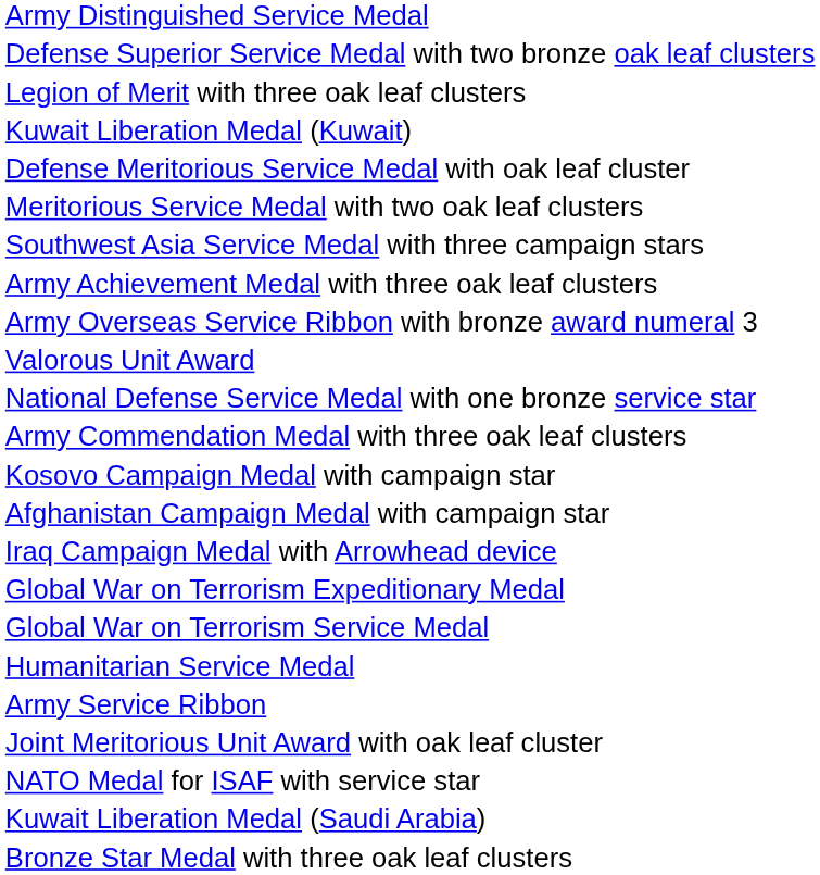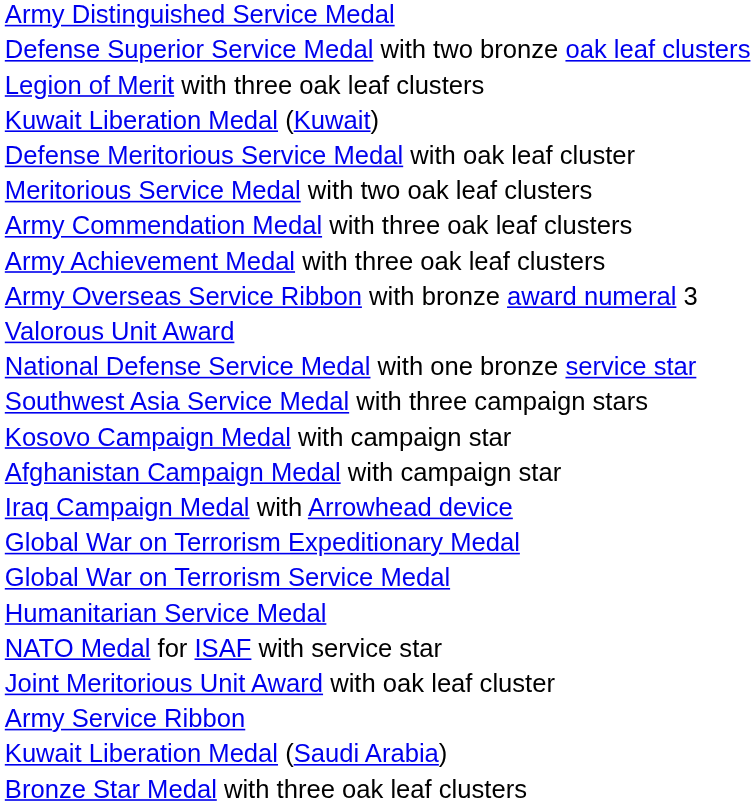 <table>
 <tr>
 <td> <a href='#'>Army Distinguished Service Medal</a></td>
 </tr>
 <tr>
 <td><span></span><span></span> <a href='#'>Defense Superior Service Medal</a> with two bronze <a href='#'>oak leaf clusters</a></td>
 </tr>
 <tr>
 <td><span></span><span></span><span></span> <a href='#'>Legion of Merit</a> with three oak leaf clusters</td>
 </tr>
 <tr>
 <td> <a href='#'>Kuwait Liberation Medal</a> (<a href='#'>Kuwait</a>)</td>
 </tr>
 <tr>
 <td> <a href='#'>Defense Meritorious Service Medal</a> with oak leaf cluster</td>
 </tr>
 <tr>
 <td><span></span><span></span> <a href='#'>Meritorious Service Medal</a> with two oak leaf clusters</td>
 </tr>
 <tr>
-<td><span></span><span></span><span></span> <a href='#'>Southwest Asia Service Medal</a> with three campaign stars</td>
+<td><span></span><span></span><span></span> <a href='#'>Army Commendation Medal</a> with three oak leaf clusters</td>
 </tr>
 <tr>
 <td><span></span><span></span><span></span> <a href='#'>Army Achievement Medal</a> with three oak leaf clusters</td>
 </tr>
 <tr>
 <td><span></span> <a href='#'>Army Overseas Service Ribbon</a> with bronze <a href='#'>award numeral</a> 3</td>
 </tr>
 <tr>
 <td> <a href='#'>Valorous Unit Award</a></td>
 </tr>
 <tr>
 <td> <a href='#'>National Defense Service Medal</a> with one bronze <a href='#'>service star</a></td>
 </tr>
 <tr>
-<td><span></span><span></span><span></span> <a href='#'>Army Commendation Medal</a> with three oak leaf clusters</td>
+<td><span></span><span></span><span></span> <a href='#'>Southwest Asia Service Medal</a> with three campaign stars</td>
 </tr>
 <tr>
 <td> <a href='#'>Kosovo Campaign Medal</a> with campaign star</td>
 </tr>
 <tr>
 <td> <a href='#'>Afghanistan Campaign Medal</a> with campaign star</td>
 </tr>
 <tr>
 <td> <a href='#'>Iraq Campaign Medal</a> with <a href='#'>Arrowhead device</a></td>
 </tr>
 <tr>
 <td> <a href='#'>Global War on Terrorism Expeditionary Medal</a></td>
 </tr>
 <tr>
 <td> <a href='#'>Global War on Terrorism Service Medal</a></td>
 </tr>
 <tr>
 <td> <a href='#'>Humanitarian Service Medal</a></td>
 </tr>
 <tr>
-<td> <a href='#'>Army Service Ribbon</a></td>
+<td> <a href='#'>NATO Medal</a> for <a href='#'>ISAF</a> with service star</td>
 </tr>
 <tr>
 <td> <a href='#'>Joint Meritorious Unit Award</a> with oak leaf cluster</td>
 </tr>
 <tr>
-<td> <a href='#'>NATO Medal</a> for <a href='#'>ISAF</a> with service star</td>
+<td> <a href='#'>Army Service Ribbon</a></td>
 </tr>
 <tr>
 <td> <a href='#'>Kuwait Liberation Medal</a> (<a href='#'>Saudi Arabia</a>)</td>
 </tr>
 <tr>
 <td><span></span><span></span><span></span> <a href='#'>Bronze Star Medal</a> with three oak leaf clusters</td>
 </tr>
 </table>
